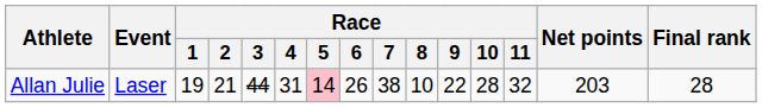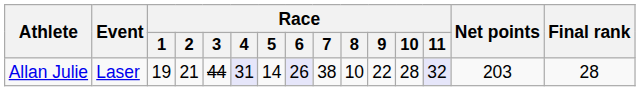 <table class="wikitable" style="font-size:90%;">
 <tr>
 <th rowspan=2>Athlete</th>
 <th rowspan=2>Event</th>
 <th colspan=11>Race</th>
 <th rowspan=2>Net points</th>
 <th rowspan=2>Final rank</th>
 </tr>
 <tr style="font-size:95%">
 <th>1</th>
 <th>2</th>
 <th>3</th>
 <th>4</th>
 <th>5</th>
 <th>6</th>
 <th>7</th>
 <th>8</th>
 <th>9</th>
 <th>10</th>
 <th>11</th>
 </tr>
 <tr align=center>
 <td align=left><a href='#'>Allan Julie</a></td>
 <td align=left><a href='#'>Laser</a></td>
 <td>19</td>
 <td>21</td>
 <td><s>44<br><small></small></s></td>
-<td>31</td>
-<td style="background: pink;">14</td>
-<td>26</td>
+<td style="background: lavender;">31</td>
+<td>14</td>
+<td style="background: lavender;">26</td>
 <td>38</td>
 <td>10</td>
 <td>22</td>
 <td>28</td>
-<td>32</td>
+<td style="background: lavender;">32</td>
 <td>203</td>
 <td>28</td>
 </tr>
 </table>
